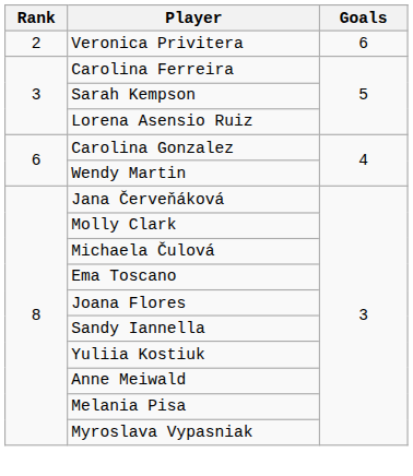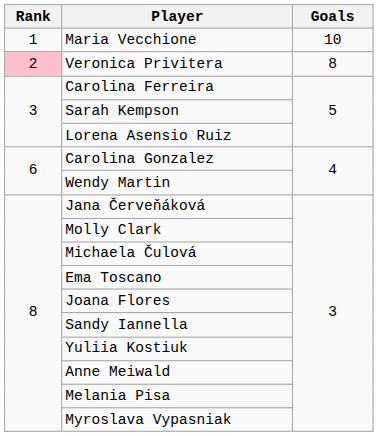 <table class="wikitable" style="text-align:center">
 <tr>
 <th width=45>Rank</th>
 <th width=200>Player</th>
 <th width=65>Goals</th>
 </tr>
 <tr>
-<td>2</td>
+<td>1</td>
+<td style="text-align:left"> Maria Vecchione</td>
+<td>10</td>
+</tr>
+<tr>
+<td style="background: pink;">2</td>
 <td style="text-align:left"> Veronica Privitera</td>
-<td>6</td>
+<td>8</td>
 </tr>
 <tr>
 <td rowspan=3>3</td>
 <td style="text-align:left"> Carolina Ferreira</td>
 <td rowspan=3>5</td>
 </tr>
 <tr>
 <td style="text-align:left"> Sarah Kempson</td>
 </tr>
 <tr>
 <td style="text-align:left"> Lorena Asensio Ruiz</td>
 </tr>
 <tr>
 <td rowspan=2>6</td>
 <td style="text-align:left"> Carolina Gonzalez</td>
 <td rowspan=2>4</td>
 </tr>
 <tr>
 <td style="text-align:left"> Wendy Martin</td>
 </tr>
 <tr>
 <td rowspan=10>8</td>
 <td style="text-align:left"> Jana Červeňáková</td>
 <td rowspan=10>3</td>
 </tr>
 <tr>
 <td style="text-align:left"> Molly Clark</td>
 </tr>
 <tr>
 <td style="text-align:left"> Michaela Čulová</td>
 </tr>
 <tr>
 <td style="text-align:left"> Ema Toscano</td>
 </tr>
 <tr>
 <td style="text-align:left"> Joana Flores</td>
 </tr>
 <tr>
 <td style="text-align:left"> Sandy Iannella</td>
 </tr>
 <tr>
 <td style="text-align:left"> Yuliia Kostiuk</td>
 </tr>
 <tr>
 <td style="text-align:left"> Anne Meiwald</td>
 </tr>
 <tr>
 <td style="text-align:left"> Melania Pisa</td>
 </tr>
 <tr>
 <td style="text-align:left"> Myroslava Vypasniak</td>
 </tr>
 </table>
